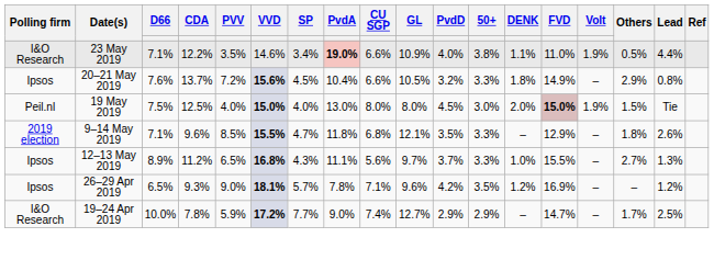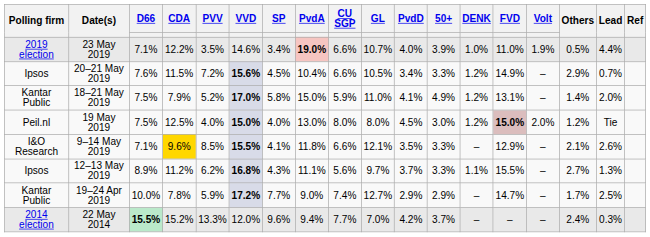 <table class="wikitable sortable" style="text-align:center;font-size:90%;line-height:14px;">
 <tr style="height:40px;">
 <th style="width:85px;" rowspan="2">Polling firm</th>
 <th style="width:80px;" rowspan="2">Date(s)</th>
 <th class="unsortable" style="width:40px;"><a href='#'>D66</a></th>
 <th class="unsortable" style="width:40px;"><a href='#'>CDA</a></th>
 <th class="unsortable" style="width:40px;"><a href='#'>PVV</a></th>
 <th class="unsortable" style="width:40px;"><a href='#'>VVD</a></th>
 <th class="unsortable" style="width:40px;"><a href='#'>SP</a></th>
 <th class="unsortable" style="width:40px;"><a href='#'>PvdA</a></th>
 <th class="unsortable" style="width:40px;"><a href='#'>CU</a><br><a href='#'>SGP</a></th>
 <th class="unsortable" style="width:40px;"><a href='#'>GL</a></th>
 <th class="unsortable" style="width:40px;"><a href='#'>PvdD</a></th>
 <th class="unsortable" style="width:40px;"><a href='#'>50+</a></th>
 <th class="unsortable" style="width:40px;"><a href='#'>DENK</a></th>
 <th class="unsortable" style="width:40px;"><a href='#'>FVD</a></th>
 <th class="unsortable" style="width:40px;"><a href='#'>Volt</a></th>
 <th class="unsortable" style="width:40px;" rowspan="2">Others</th>
 <th style="width:30px;" rowspan="2">Lead</th>
 <th rowspan="2" class="unsortable">Ref</th>
 </tr>
 <tr>
 <th style="background:"></th>
 <th style="background:"></th>
 <th style="background:"></th>
 <th style="background:"></th>
 <th style="background:"></th>
 <th style="background:"></th>
 <th style="background:"></th>
 <th style="background:"></th>
 <th style="background:"></th>
 <th style="background:"></th>
 <th style="background:"></th>
 <th style="background:"></th>
 <th style="background:"></th>
 </tr>
 <tr style="background:#E9E9E9">
-<td>I&O Research</td>
+<td><a href='#'>2019 election</a></td>
 <td>23 May 2019</td>
 <td>7.1%</td>
 <td>12.2%</td>
 <td>3.5%</td>
 <td>14.6%</td>
 <td>3.4%</td>
 <td style="background:#F6C5C1;"><strong>19.0%</strong></td>
 <td>6.6%</td>
-<td>10.9%</td>
+<td>10.7%</td>
 <td>4.0%</td>
-<td>3.8%</td>
-<td>1.1%</td>
+<td>3.9%</td>
+<td>1.0%</td>
 <td>11.0%</td>
 <td>1.9%</td>
 <td>0.5%</td>
 <td style="background:">4.4%</td>
 <td></td>
 </tr>
 <tr>
 <td>Ipsos</td>
 <td data-sort-value="2019-05-21">20–21 May 2019</td>
 <td>7.6%</td>
-<td>13.7%</td>
+<td>11.5%</td>
 <td>7.2%</td>
 <td style="background:#D8DBE8;"><strong>15.6%</strong></td>
 <td>4.5%</td>
 <td>10.4%</td>
 <td>6.6%</td>
 <td>10.5%</td>
-<td>3.2%</td>
+<td>3.4%</td>
 <td>3.3%</td>
-<td>1.8%</td>
+<td>1.2%</td>
 <td>14.9%</td>
 <td>–</td>
 <td>2.9%</td>
-<td style="background:">0.8%</td>
+<td style="background:">0.7%</td>
+<td></td>
+</tr>
+<tr>
+<td>Kantar Public</td>
+<td data-sort-value="2019-05-21">18–21 May 2019</td>
+<td>7.5%</td>
+<td>7.9%</td>
+<td>5.2%</td>
+<td style="background:#D8DBE8;"><strong>17.0%</strong></td>
+<td>5.8%</td>
+<td>15.0%</td>
+<td>5.9%</td>
+<td>11.0%</td>
+<td>4.1%</td>
+<td>4.9%</td>
+<td>1.2%</td>
+<td>13.1%</td>
+<td>–</td>
+<td>1.4%</td>
+<td style="background:">2.0%</td>
 <td></td>
 </tr>
 <tr>
 <td>Peil.nl</td>
 <td data-sort-value="2019-05-19">19 May 2019</td>
 <td>7.5%</td>
 <td>12.5%</td>
 <td>4.0%</td>
 <td style="background:#D8DBE8;"><strong>15.0%</strong></td>
 <td>4.0%</td>
 <td>13.0%</td>
 <td>8.0%</td>
 <td>8.0%</td>
 <td>4.5%</td>
 <td>3.0%</td>
+<td>1.2%</td>
+<td style="background:#DBBDBD;"><strong>15.0%</strong></td>
 <td>2.0%</td>
-<td style="background:#DBBDBD;"><strong>15.0%</strong></td>
-<td>1.9%</td>
-<td>1.5%</td>
+<td>1.2%</td>
 <td data-sort-value="0.0%">Tie</td>
 <td></td>
 </tr>
 <tr>
-<td><a href='#'>2019 election</a></td>
+<td>I&O Research</td>
 <td data-sort-value="2019-05-14">9–14 May 2019</td>
 <td>7.1%</td>
-<td>9.6%</td>
+<td style="background: gold;">9.6%</td>
 <td>8.5%</td>
 <td style="background:#D8DBE8;"><strong>15.5%</strong></td>
-<td>4.7%</td>
+<td>4.1%</td>
 <td>11.8%</td>
-<td>6.8%</td>
+<td>6.6%</td>
 <td>12.1%</td>
 <td>3.5%</td>
 <td>3.3%</td>
 <td>–</td>
 <td>12.9%</td>
 <td>–</td>
-<td>1.8%</td>
+<td>2.1%</td>
 <td style="background:">2.6%</td>
 <td></td>
 </tr>
 <tr>
 <td>Ipsos</td>
 <td data-sort-value="2019-05-13">12–13 May 2019</td>
 <td>8.9%</td>
 <td>11.2%</td>
-<td>6.5%</td>
+<td>6.2%</td>
 <td style="background:#D8DBE8;"><strong>16.8%</strong></td>
 <td>4.3%</td>
 <td>11.1%</td>
 <td>5.6%</td>
 <td>9.7%</td>
 <td>3.7%</td>
 <td>3.3%</td>
-<td>1.0%</td>
+<td>1.1%</td>
 <td>15.5%</td>
 <td>–</td>
 <td>2.7%</td>
 <td style="background:">1.3%</td>
 <td></td>
 </tr>
 <tr>
-<td>Ipsos</td>
-<td data-sort-value="2019-04-29">26–29 Apr 2019</td>
-<td>6.5%</td>
-<td>9.3%</td>
-<td>9.0%</td>
-<td style="background:#D8DBE8;"><strong>18.1%</strong></td>
-<td>5.7%</td>
-<td>7.8%</td>
-<td>7.1%</td>
-<td>9.6%</td>
-<td>4.2%</td>
-<td>3.5%</td>
-<td>1.2%</td>
-<td>16.9%</td>
-<td>–</td>
-<td>–</td>
-<td style="background:">1.2%</td>
-<td></td>
-</tr>
-<tr>
-<td>I&O Research</td>
+<td>Kantar Public</td>
 <td data-sort-value="2019-04-24">19–24 Apr 2019</td>
 <td>10.0%</td>
 <td>7.8%</td>
 <td>5.9%</td>
 <td style="background:#D8DBE8;"><strong>17.2%</strong></td>
 <td>7.7%</td>
 <td>9.0%</td>
 <td>7.4%</td>
 <td>12.7%</td>
 <td>2.9%</td>
 <td>2.9%</td>
 <td>–</td>
 <td>14.7%</td>
 <td>–</td>
 <td>1.7%</td>
 <td style="background:">2.5%</td>
 <td></td>
 </tr>
+<tr style="background:#E9E9E9">
+<td><a href='#'>2014 election</a></td>
+<td>22 May 2014</td>
+<td style="background:#BAE9CA;"><strong>15.5%</strong></td>
+<td>15.2%</td>
+<td>13.3%</td>
+<td>12.0%</td>
+<td>9.6%</td>
+<td>9.4%</td>
+<td>7.7%</td>
+<td>7.0%</td>
+<td>4.2%</td>
+<td>3.7%</td>
+<td>–</td>
+<td>–</td>
+<td>–</td>
+<td>2.4%</td>
+<td style="background:">0.3%</td>
+<td></td>
+</tr>
 </table>
